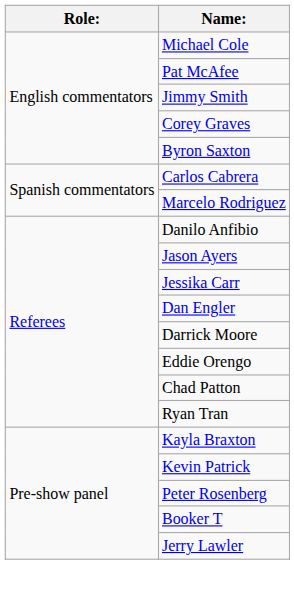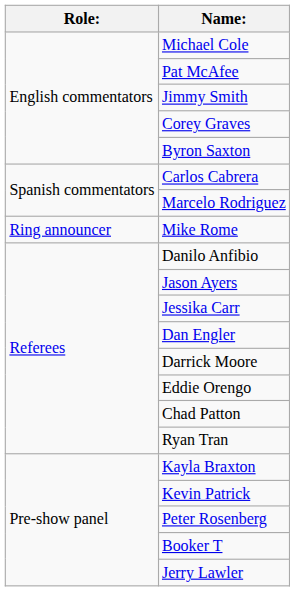 <table class=wikitable style="font-size:90%; margin: 0.5em 0 0.5em 1em; float: right; clear: right;">
 <tr>
 <th>Role:</th>
 <th>Name:</th>
 </tr>
 <tr>
 <td rowspan=5>English commentators</td>
 <td><a href='#'>Michael Cole</a> </td>
 </tr>
 <tr>
 <td><a href='#'>Pat McAfee</a> </td>
 </tr>
 <tr>
 <td><a href='#'>Jimmy Smith</a> </td>
 </tr>
 <tr>
 <td><a href='#'>Corey Graves</a> </td>
 </tr>
 <tr>
 <td><a href='#'>Byron Saxton</a> </td>
 </tr>
 <tr>
 <td rowspan=2>Spanish commentators</td>
 <td><a href='#'>Carlos Cabrera</a></td>
 </tr>
 <tr>
 <td><a href='#'>Marcelo Rodriguez</a></td>
+</tr>
+<tr>
+<td rowspan=1><a href='#'>Ring announcer</a></td>
+<td><a href='#'>Mike Rome</a></td>
 </tr>
 <tr>
 <td rowspan=8><a href='#'>Referees</a></td>
 <td>Danilo Anfibio</td>
 </tr>
 <tr>
 <td><a href='#'>Jason Ayers</a></td>
 </tr>
 <tr>
 <td><a href='#'>Jessika Carr</a></td>
 </tr>
 <tr>
 <td><a href='#'>Dan Engler</a></td>
 </tr>
 <tr>
 <td>Darrick Moore</td>
 </tr>
 <tr>
 <td>Eddie Orengo</td>
 </tr>
 <tr>
 <td>Chad Patton</td>
 </tr>
 <tr>
 <td>Ryan Tran</td>
 </tr>
 <tr>
 <td rowspan="5">Pre-show panel</td>
 <td><a href='#'>Kayla Braxton</a></td>
 </tr>
 <tr>
 <td><a href='#'>Kevin Patrick</a></td>
 </tr>
 <tr>
 <td><a href='#'>Peter Rosenberg</a></td>
 </tr>
 <tr>
 <td><a href='#'>Booker T</a></td>
 </tr>
 <tr>
 <td><a href='#'>Jerry Lawler</a></td>
 </tr>
 </table>
